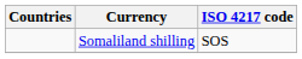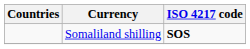 <table class="wikitable sortable">
 <tr>
 <th>Countries</th>
 <th>Currency</th>
 <th><a href='#'>ISO 4217</a> code</th>
 </tr>
 <tr>
 <td></td>
 <td><a href='#'>Somaliland shilling</a></td>
-<td>SOS</td>
+<td><strong>SOS</strong></td>
 </tr>
 <tr>
 </tr>
 </table>
